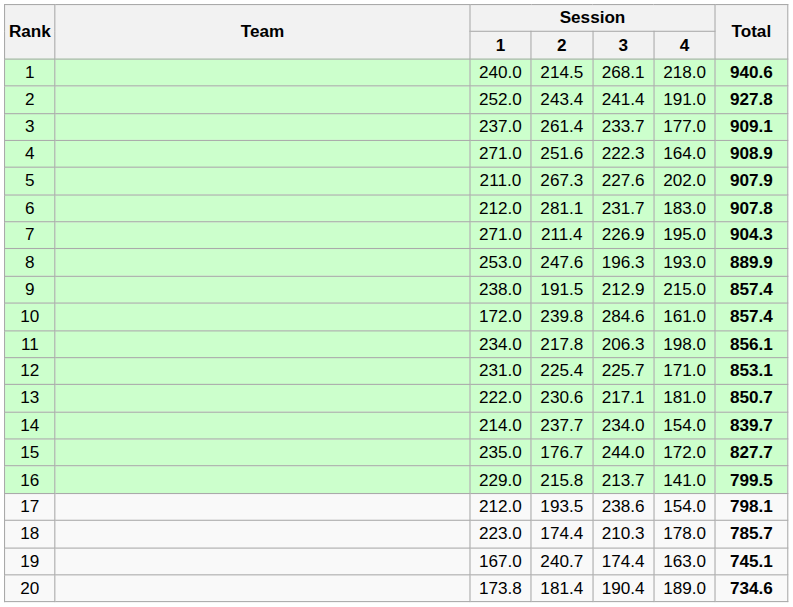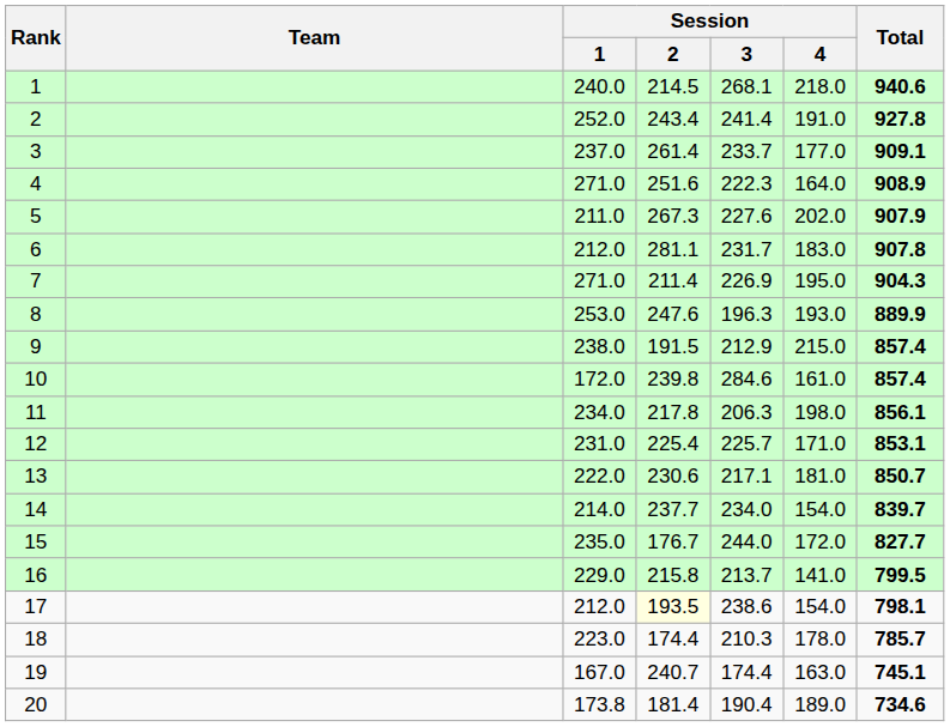 <table class=wikitable style="text-align:center">
 <tr>
 <th rowspan="2" width=40>Rank</th>
 <th rowspan="2" width=380>Team</th>
 <th colspan=4>Session</th>
 <th rowspan=2 width=60>Total</th>
 </tr>
 <tr>
 <th width=50>1</th>
 <th width=50>2</th>
 <th width=50>3</th>
 <th width=50>4</th>
 </tr>
 <tr bgcolor="ccffcc">
 <td>1</td>
 <td align=left></td>
 <td>240.0</td>
 <td>214.5</td>
 <td>268.1</td>
 <td>218.0</td>
 <td><strong>940.6</strong></td>
 </tr>
 <tr bgcolor="ccffcc">
 <td>2</td>
 <td align=left></td>
 <td>252.0</td>
 <td>243.4</td>
 <td>241.4</td>
 <td>191.0</td>
 <td><strong>927.8</strong></td>
 </tr>
 <tr bgcolor="ccffcc">
 <td>3</td>
 <td align=left></td>
 <td>237.0</td>
 <td>261.4</td>
 <td>233.7</td>
 <td>177.0</td>
 <td><strong>909.1</strong></td>
 </tr>
 <tr bgcolor="ccffcc">
 <td>4</td>
 <td align=left></td>
 <td>271.0</td>
 <td>251.6</td>
 <td>222.3</td>
 <td>164.0</td>
 <td><strong>908.9</strong></td>
 </tr>
 <tr bgcolor="ccffcc">
 <td>5</td>
 <td align=left></td>
 <td>211.0</td>
 <td>267.3</td>
 <td>227.6</td>
 <td>202.0</td>
 <td><strong>907.9</strong></td>
 </tr>
 <tr bgcolor="ccffcc">
 <td>6</td>
 <td align=left></td>
 <td>212.0</td>
 <td>281.1</td>
 <td>231.7</td>
 <td>183.0</td>
 <td><strong>907.8</strong></td>
 </tr>
 <tr bgcolor="ccffcc">
 <td>7</td>
 <td align=left></td>
 <td>271.0</td>
 <td>211.4</td>
 <td>226.9</td>
 <td>195.0</td>
 <td><strong>904.3</strong></td>
 </tr>
 <tr bgcolor="ccffcc">
 <td>8</td>
 <td align=left></td>
 <td>253.0</td>
 <td>247.6</td>
 <td>196.3</td>
 <td>193.0</td>
 <td><strong>889.9</strong></td>
 </tr>
 <tr bgcolor="ccffcc">
 <td>9</td>
 <td align=left></td>
 <td>238.0</td>
 <td>191.5</td>
 <td>212.9</td>
 <td>215.0</td>
 <td><strong>857.4</strong></td>
 </tr>
 <tr bgcolor="ccffcc">
 <td>10</td>
 <td align=left></td>
 <td>172.0</td>
 <td>239.8</td>
 <td>284.6</td>
 <td>161.0</td>
 <td><strong>857.4</strong></td>
 </tr>
 <tr bgcolor="ccffcc">
 <td>11</td>
 <td align=left></td>
 <td>234.0</td>
 <td>217.8</td>
 <td>206.3</td>
 <td>198.0</td>
 <td><strong>856.1</strong></td>
 </tr>
 <tr bgcolor="ccffcc">
 <td>12</td>
 <td align=left></td>
 <td>231.0</td>
 <td>225.4</td>
 <td>225.7</td>
 <td>171.0</td>
 <td><strong>853.1</strong></td>
 </tr>
 <tr bgcolor="ccffcc">
 <td>13</td>
 <td align=left></td>
 <td>222.0</td>
 <td>230.6</td>
 <td>217.1</td>
 <td>181.0</td>
 <td><strong>850.7</strong></td>
 </tr>
 <tr bgcolor="ccffcc">
 <td>14</td>
 <td align=left></td>
 <td>214.0</td>
 <td>237.7</td>
 <td>234.0</td>
 <td>154.0</td>
 <td><strong>839.7</strong></td>
 </tr>
 <tr bgcolor="ccffcc">
 <td>15</td>
 <td align=left></td>
 <td>235.0</td>
 <td>176.7</td>
 <td>244.0</td>
 <td>172.0</td>
 <td><strong>827.7</strong></td>
 </tr>
 <tr bgcolor="ccffcc">
 <td>16</td>
 <td align=left></td>
 <td>229.0</td>
 <td>215.8</td>
 <td>213.7</td>
 <td>141.0</td>
 <td><strong>799.5</strong></td>
 </tr>
 <tr>
 <td>17</td>
 <td align=left></td>
 <td>212.0</td>
-<td>193.5</td>
+<td style="background: lightyellow;">193.5</td>
 <td>238.6</td>
 <td>154.0</td>
 <td><strong>798.1</strong></td>
 </tr>
 <tr>
 <td>18</td>
 <td align=left></td>
 <td>223.0</td>
 <td>174.4</td>
 <td>210.3</td>
 <td>178.0</td>
 <td><strong>785.7</strong></td>
 </tr>
 <tr>
 <td>19</td>
 <td align=left></td>
 <td>167.0</td>
 <td>240.7</td>
 <td>174.4</td>
 <td>163.0</td>
 <td><strong>745.1</strong></td>
 </tr>
 <tr>
 <td>20</td>
 <td align=left></td>
 <td>173.8</td>
 <td>181.4</td>
 <td>190.4</td>
 <td>189.0</td>
 <td><strong>734.6</strong></td>
 </tr>
 </table>
